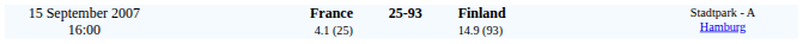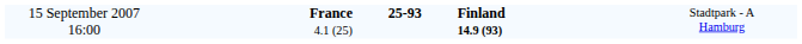 <table style="width: 100%; background:#F5FAFF;" cellspacing="0">
 <tr>
 <td align=center rowspan=3 width=20%>15 September 2007<br>16:00</td>
 </tr>
 <tr>
 <td width=24% align=right><strong>France</strong></td>
 <td align=center width=13%><strong>25-93</strong></td>
 <td width=24%><strong>Finland</strong></td>
 <td style=font-size:85% rowspan=3 valign=top align=center>Stadtpark - A <br><a href='#'>Hamburg</a></td>
 </tr>
 <tr style=font-size:85%>
 <td align=right>4.1 (25)</td>
 <td align=center></td>
-<td>14.9 (93)</td>
+<td><strong>14.9 (93)</strong></td>
 </tr>
 </table>
